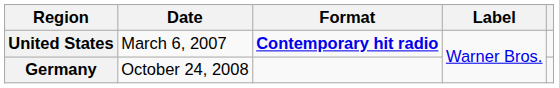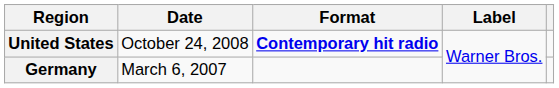 <table class="wikitable plainrowheaders">
 <tr>
 <th scope="col">Region</th>
 <th scope="col">Date</th>
 <th scope="col">Format</th>
 <th scope="col">Label</th>
 <th scope="col"></th>
 </tr>
 <tr>
 <th scope="row">United States</th>
-<td>March 6, 2007</td>
+<td>October 24, 2008</td>
 <td><strong><a href='#'>Contemporary hit radio</a></strong></td>
 <td rowspan="2"><a href='#'>Warner Bros.</a></td>
 <td></td>
 </tr>
 <tr>
 <th scope="row">Germany</th>
-<td>October 24, 2008</td>
+<td>March 6, 2007</td>
 <td></td>
 <td></td>
 </tr>
 </table>
